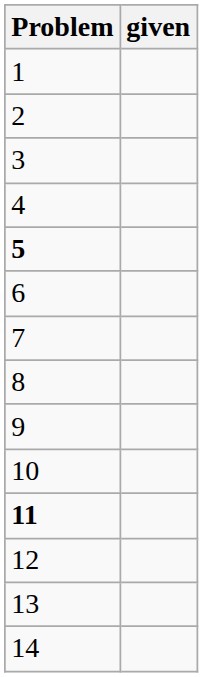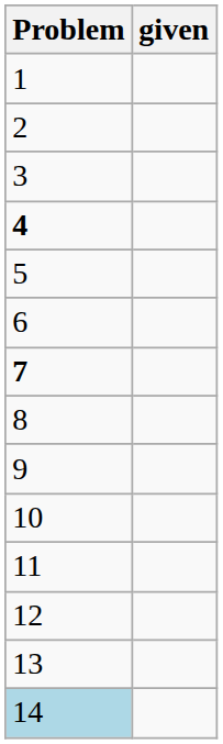 <table class="wikitable">
 <tr>
 <th>Problem</th>
 <th>given</th>
 </tr>
 <tr>
 <td>1</td>
 <td></td>
 </tr>
 <tr>
 <td>2</td>
 <td></td>
 </tr>
 <tr>
 <td>3</td>
 <td></td>
 </tr>
 <tr>
-<td>4</td>
+<td><strong>4</strong></td>
 <td></td>
 </tr>
 <tr>
-<td><strong>5</strong></td>
+<td>5</td>
 <td></td>
 </tr>
 <tr>
 <td>6</td>
 <td></td>
 </tr>
 <tr>
-<td>7</td>
+<td><strong>7</strong></td>
 <td></td>
 </tr>
 <tr>
 <td>8</td>
 <td></td>
 </tr>
 <tr>
 <td>9</td>
 <td></td>
 </tr>
 <tr>
 <td>10</td>
 <td></td>
 </tr>
 <tr>
-<td><strong>11</strong></td>
+<td>11</td>
 <td></td>
 </tr>
 <tr>
 <td>12</td>
 <td></td>
 </tr>
 <tr>
 <td>13</td>
 <td></td>
 </tr>
 <tr>
-<td>14</td>
+<td style="background: lightblue;">14</td>
 <td></td>
 </tr>
 </table>
